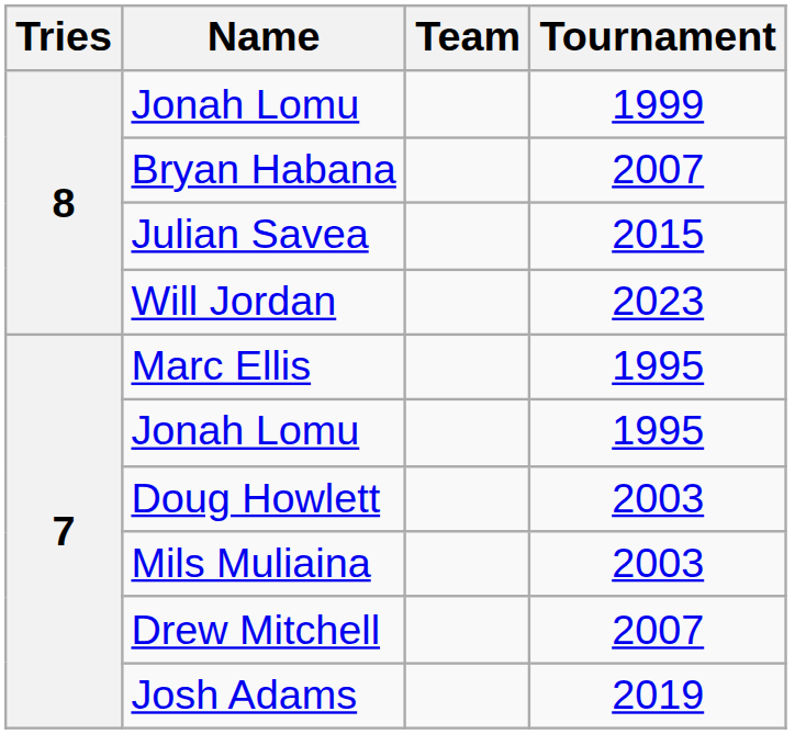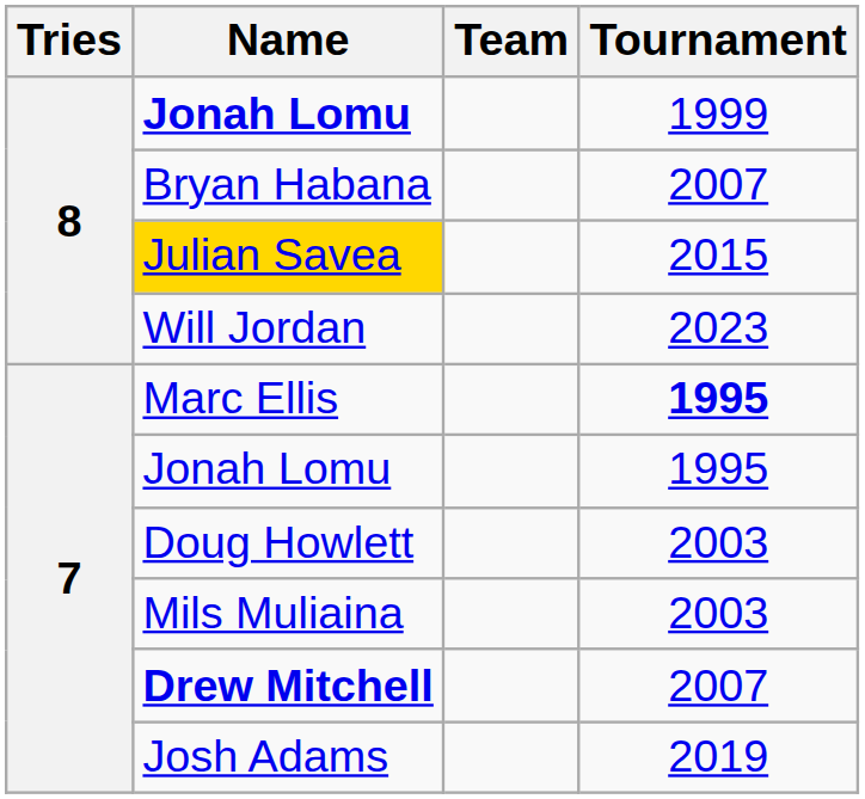 <table class="wikitable">
 <tr>
 <th>Tries</th>
 <th>Name</th>
 <th>Team</th>
 <th>Tournament</th>
 </tr>
 <tr>
 <th rowspan="4">8</th>
-<td><a href='#'>Jonah Lomu</a></td>
+<td><strong><a href='#'>Jonah Lomu</a></strong></td>
 <td></td>
 <td align="center"><a href='#'>1999</a></td>
 </tr>
 <tr>
 <td><a href='#'>Bryan Habana</a></td>
 <td></td>
 <td align=center><a href='#'>2007</a></td>
 </tr>
 <tr>
-<td><a href='#'>Julian Savea</a></td>
+<td style="background: gold;"><a href='#'>Julian Savea</a></td>
 <td></td>
 <td align=center><a href='#'>2015</a></td>
 </tr>
 <tr>
 <td><a href='#'>Will Jordan</a></td>
 <td></td>
 <td align=center><a href='#'>2023</a></td>
 </tr>
 <tr>
 <th rowspan="6”">7</th>
 <td><a href='#'>Marc Ellis</a></td>
 <td></td>
-<td align=center><a href='#'>1995</a></td>
+<td align=center><strong><a href='#'>1995</a></strong></td>
 </tr>
 <tr>
 <td><a href='#'>Jonah Lomu</a></td>
 <td></td>
 <td align=center><a href='#'>1995</a></td>
 </tr>
 <tr>
 <td><a href='#'>Doug Howlett</a></td>
 <td></td>
 <td align=center><a href='#'>2003</a></td>
 </tr>
 <tr>
 <td><a href='#'>Mils Muliaina</a></td>
 <td></td>
 <td align=center><a href='#'>2003</a></td>
 </tr>
 <tr>
-<td><a href='#'>Drew Mitchell</a></td>
+<td><strong><a href='#'>Drew Mitchell</a></strong></td>
 <td></td>
 <td align=center><a href='#'>2007</a></td>
 </tr>
 <tr>
 <td><a href='#'>Josh Adams</a></td>
 <td></td>
 <td align= center><a href='#'>2019</a></td>
 </tr>
 </table>
